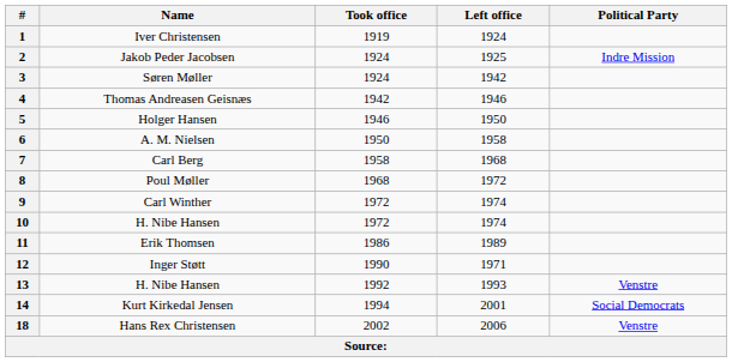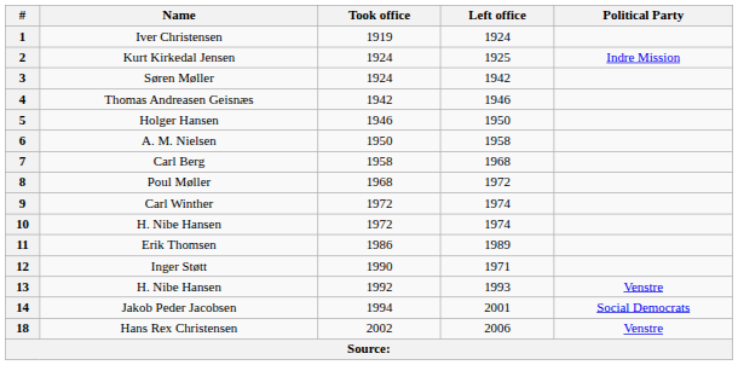 <table class="wikitable" width="70%" style="text-align:center;">
 <tr>
 <th>#</th>
 <th>Name</th>
 <th>Took office</th>
 <th>Left office</th>
 <th>Political Party</th>
 </tr>
 <tr>
 <th>1</th>
 <td>Iver Christensen</td>
 <td>1919</td>
 <td>1924</td>
 <td></td>
 </tr>
 <tr>
 <th>2</th>
-<td>Jakob Peder Jacobsen</td>
+<td>Kurt Kirkedal Jensen</td>
 <td>1924</td>
 <td>1925</td>
 <td><a href='#'>Indre Mission</a></td>
 </tr>
 <tr>
 <th>3</th>
 <td>Søren Møller</td>
 <td>1924</td>
 <td>1942</td>
 <td></td>
 </tr>
 <tr>
 <th>4</th>
 <td>Thomas Andreasen Geisnæs</td>
 <td>1942</td>
 <td>1946</td>
 <td></td>
 </tr>
 <tr>
 <th>5</th>
 <td>Holger Hansen</td>
 <td>1946</td>
 <td>1950</td>
 <td></td>
 </tr>
 <tr>
 <th>6</th>
 <td>A. M. Nielsen</td>
 <td>1950</td>
 <td>1958</td>
 <td></td>
 </tr>
 <tr>
 <th>7</th>
 <td>Carl Berg</td>
 <td>1958</td>
 <td>1968</td>
 <td></td>
 </tr>
 <tr>
 <th>8</th>
 <td>Poul Møller</td>
 <td>1968</td>
 <td>1972</td>
 <td></td>
 </tr>
 <tr>
 <th>9</th>
 <td>Carl Winther</td>
 <td>1972</td>
 <td>1974</td>
 <td></td>
 </tr>
 <tr>
 <th>10</th>
 <td>H. Nibe Hansen</td>
 <td>1972</td>
 <td>1974</td>
 <td></td>
 </tr>
 <tr>
 <th>11</th>
 <td>Erik Thomsen</td>
 <td>1986</td>
 <td>1989</td>
 <td></td>
 </tr>
 <tr>
 <th>12</th>
 <td>Inger Støtt</td>
 <td>1990</td>
 <td>1971</td>
 <td></td>
 </tr>
 <tr>
 <th style="background:">13</th>
 <td>H. Nibe Hansen</td>
 <td>1992</td>
 <td>1993</td>
 <td><a href='#'>Venstre</a></td>
 </tr>
 <tr>
 <th style="background:">14</th>
-<td>Kurt Kirkedal Jensen</td>
+<td>Jakob Peder Jacobsen</td>
 <td>1994</td>
 <td>2001</td>
 <td><a href='#'>Social Democrats</a></td>
 </tr>
 <tr>
 <th style="background:">18</th>
 <td>Hans Rex Christensen</td>
 <td>2002</td>
 <td>2006</td>
 <td><a href='#'>Venstre</a></td>
 </tr>
 <tr>
 <th colspan=5 align=left>Source:</th>
 </tr>
 </table>
